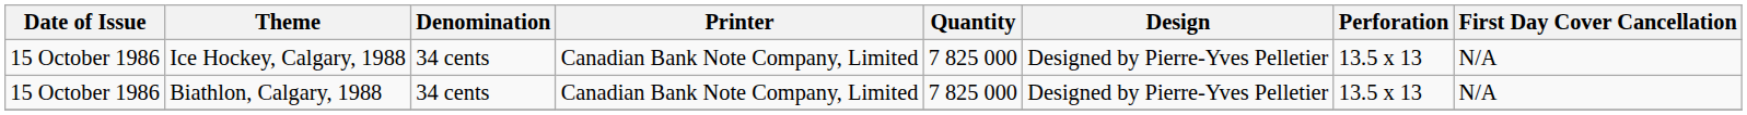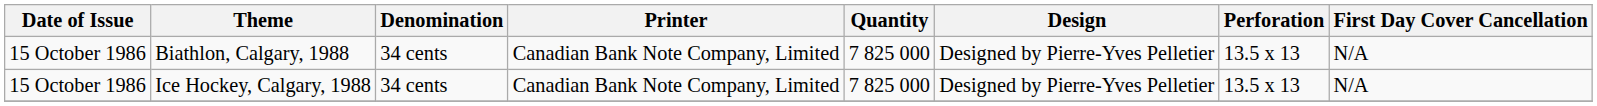 <table class="wikitable sortable">
 <tr>
 <th>Date of Issue</th>
 <th>Theme</th>
 <th>Denomination</th>
 <th>Printer</th>
 <th>Quantity</th>
 <th>Design</th>
 <th>Perforation</th>
 <th>First Day Cover Cancellation</th>
 </tr>
 <tr>
 <td>15 October 1986</td>
-<td>Ice Hockey, Calgary, 1988</td>
+<td>Biathlon, Calgary, 1988</td>
 <td>34 cents</td>
 <td>Canadian Bank Note Company, Limited</td>
 <td>7 825 000</td>
 <td>Designed by Pierre-Yves Pelletier</td>
 <td>13.5 x 13</td>
 <td>N/A</td>
 </tr>
 <tr>
 <td>15 October 1986</td>
-<td>Biathlon, Calgary, 1988</td>
+<td>Ice Hockey, Calgary, 1988</td>
 <td>34 cents</td>
 <td>Canadian Bank Note Company, Limited</td>
 <td>7 825 000</td>
 <td>Designed by Pierre-Yves Pelletier</td>
 <td>13.5 x 13</td>
 <td>N/A</td>
 </tr>
 <tr>
 </tr>
 </table>
